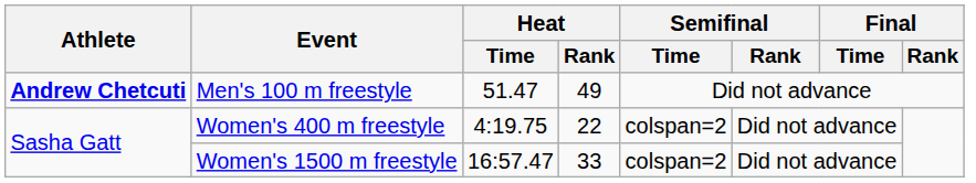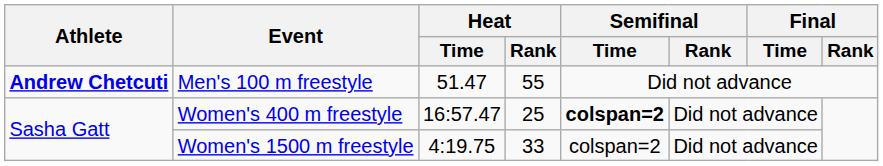 <table class=wikitable style=font-size:90%;text-align:center>
 <tr>
 <th rowspan=2>Athlete</th>
 <th rowspan=2>Event</th>
 <th colspan=2>Heat</th>
 <th colspan=2>Semifinal</th>
 <th colspan=2>Final</th>
 </tr>
 <tr style=font-size:95%>
 <th>Time</th>
 <th>Rank</th>
 <th>Time</th>
 <th>Rank</th>
 <th>Time</th>
 <th>Rank</th>
 </tr>
 <tr>
 <td align=left><strong><a href='#'>Andrew Chetcuti</a></strong></td>
 <td align=left><a href='#'>Men's 100 m freestyle</a></td>
 <td>51.47</td>
-<td>49</td>
+<td>55</td>
 <td colspan="4">Did not advance</td>
 </tr>
 <tr>
 <td rowspan="2" align="left"><a href='#'>Sasha Gatt</a></td>
 <td align=left><a href='#'>Women's 400 m freestyle</a></td>
-<td>4:19.75</td>
-<td>22</td>
-<td>colspan=2 </td>
+<td>16:57.47</td>
+<td>25</td>
+<td><strong>colspan=2 </strong></td>
 <td colspan=2>Did not advance</td>
 </tr>
 <tr>
 <td align=left><a href='#'>Women's 1500 m freestyle</a></td>
-<td>16:57.47</td>
+<td>4:19.75</td>
 <td>33</td>
 <td>colspan=2 </td>
 <td colspan=2>Did not advance</td>
 </tr>
 </table>
